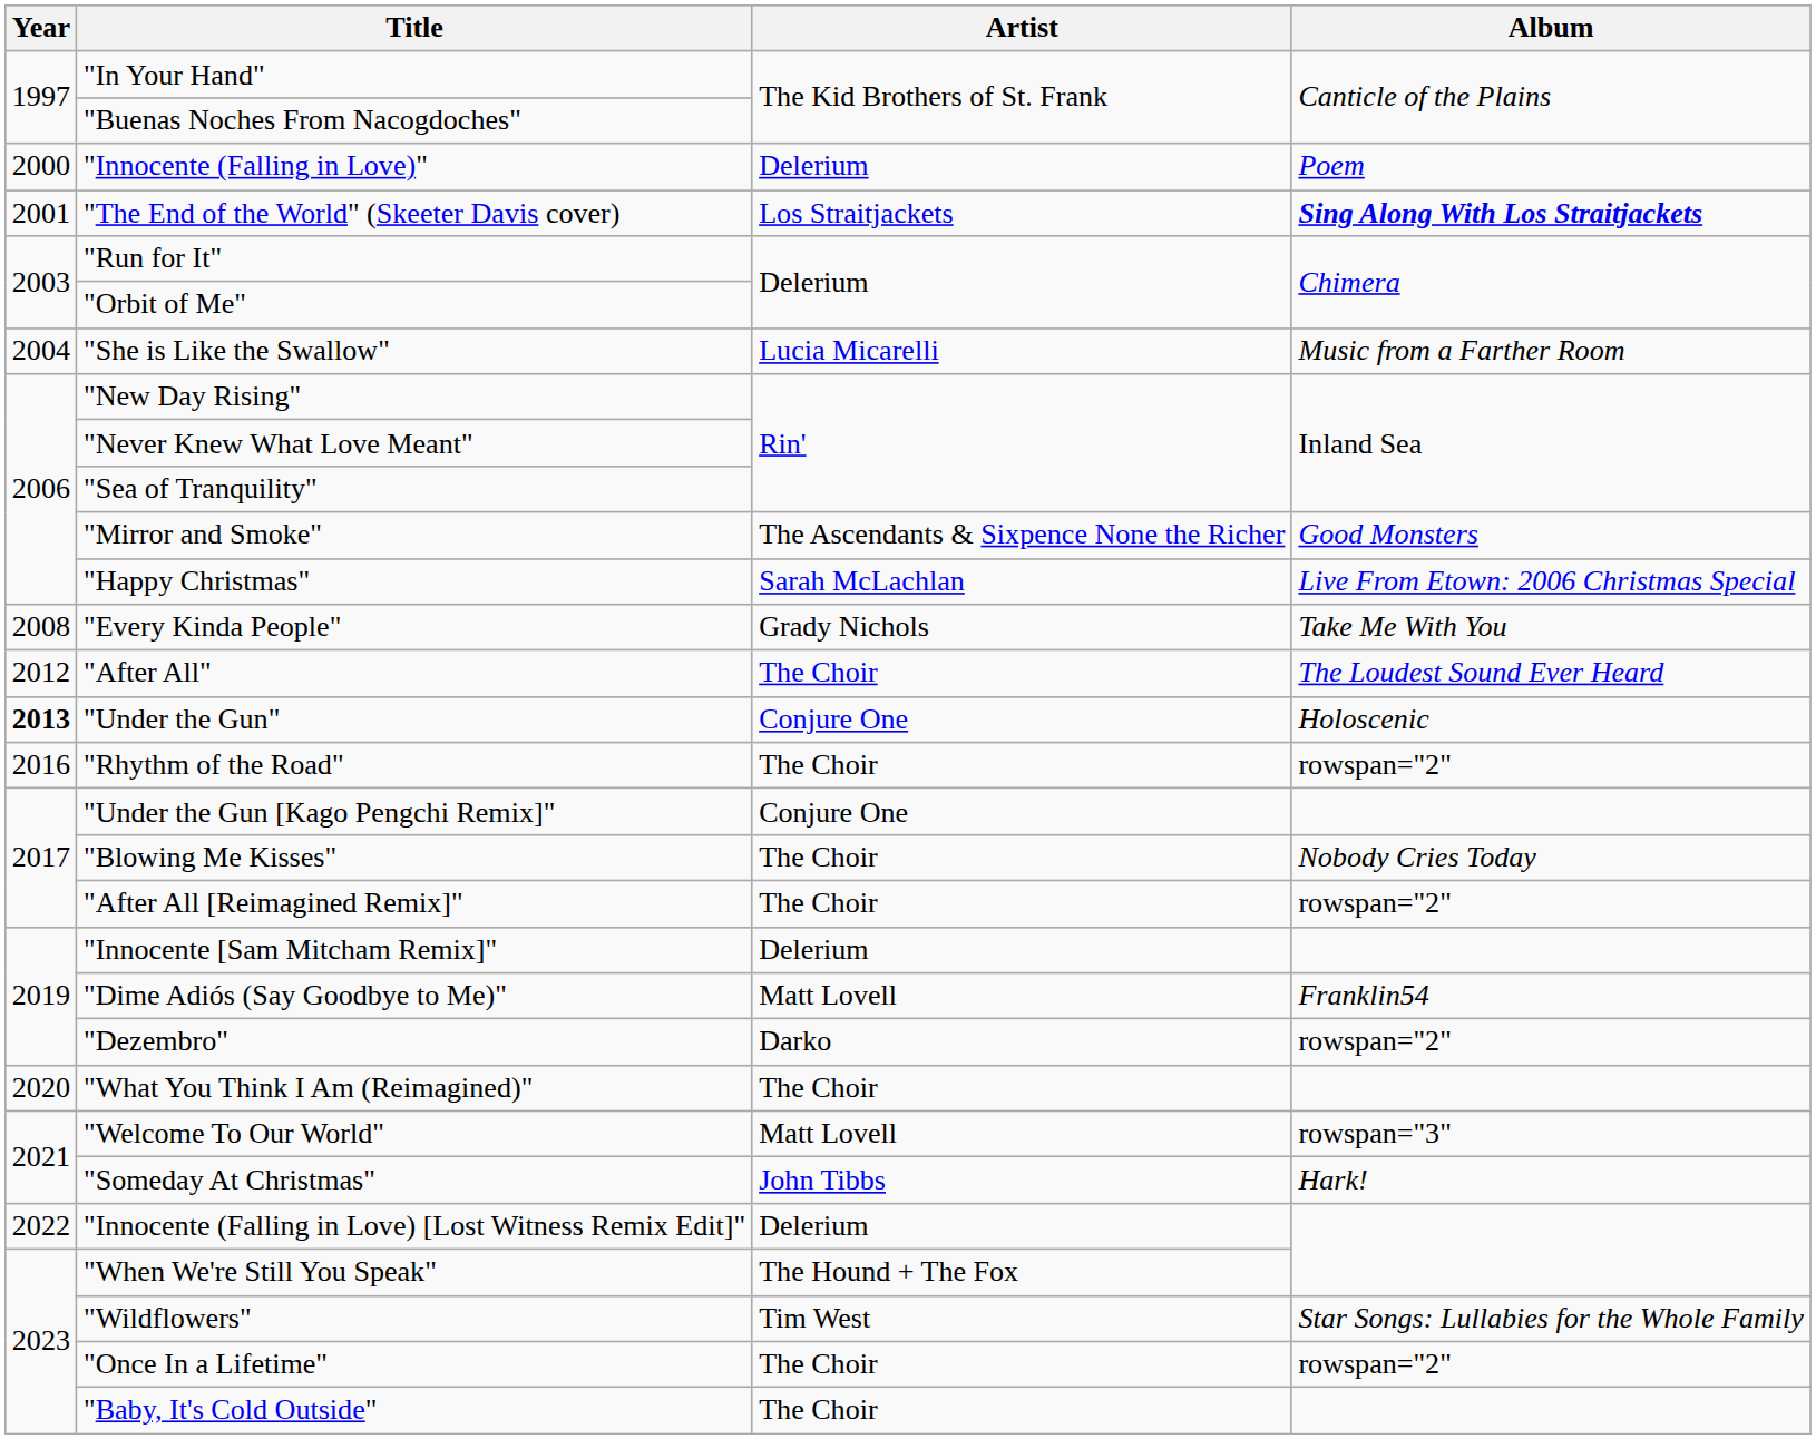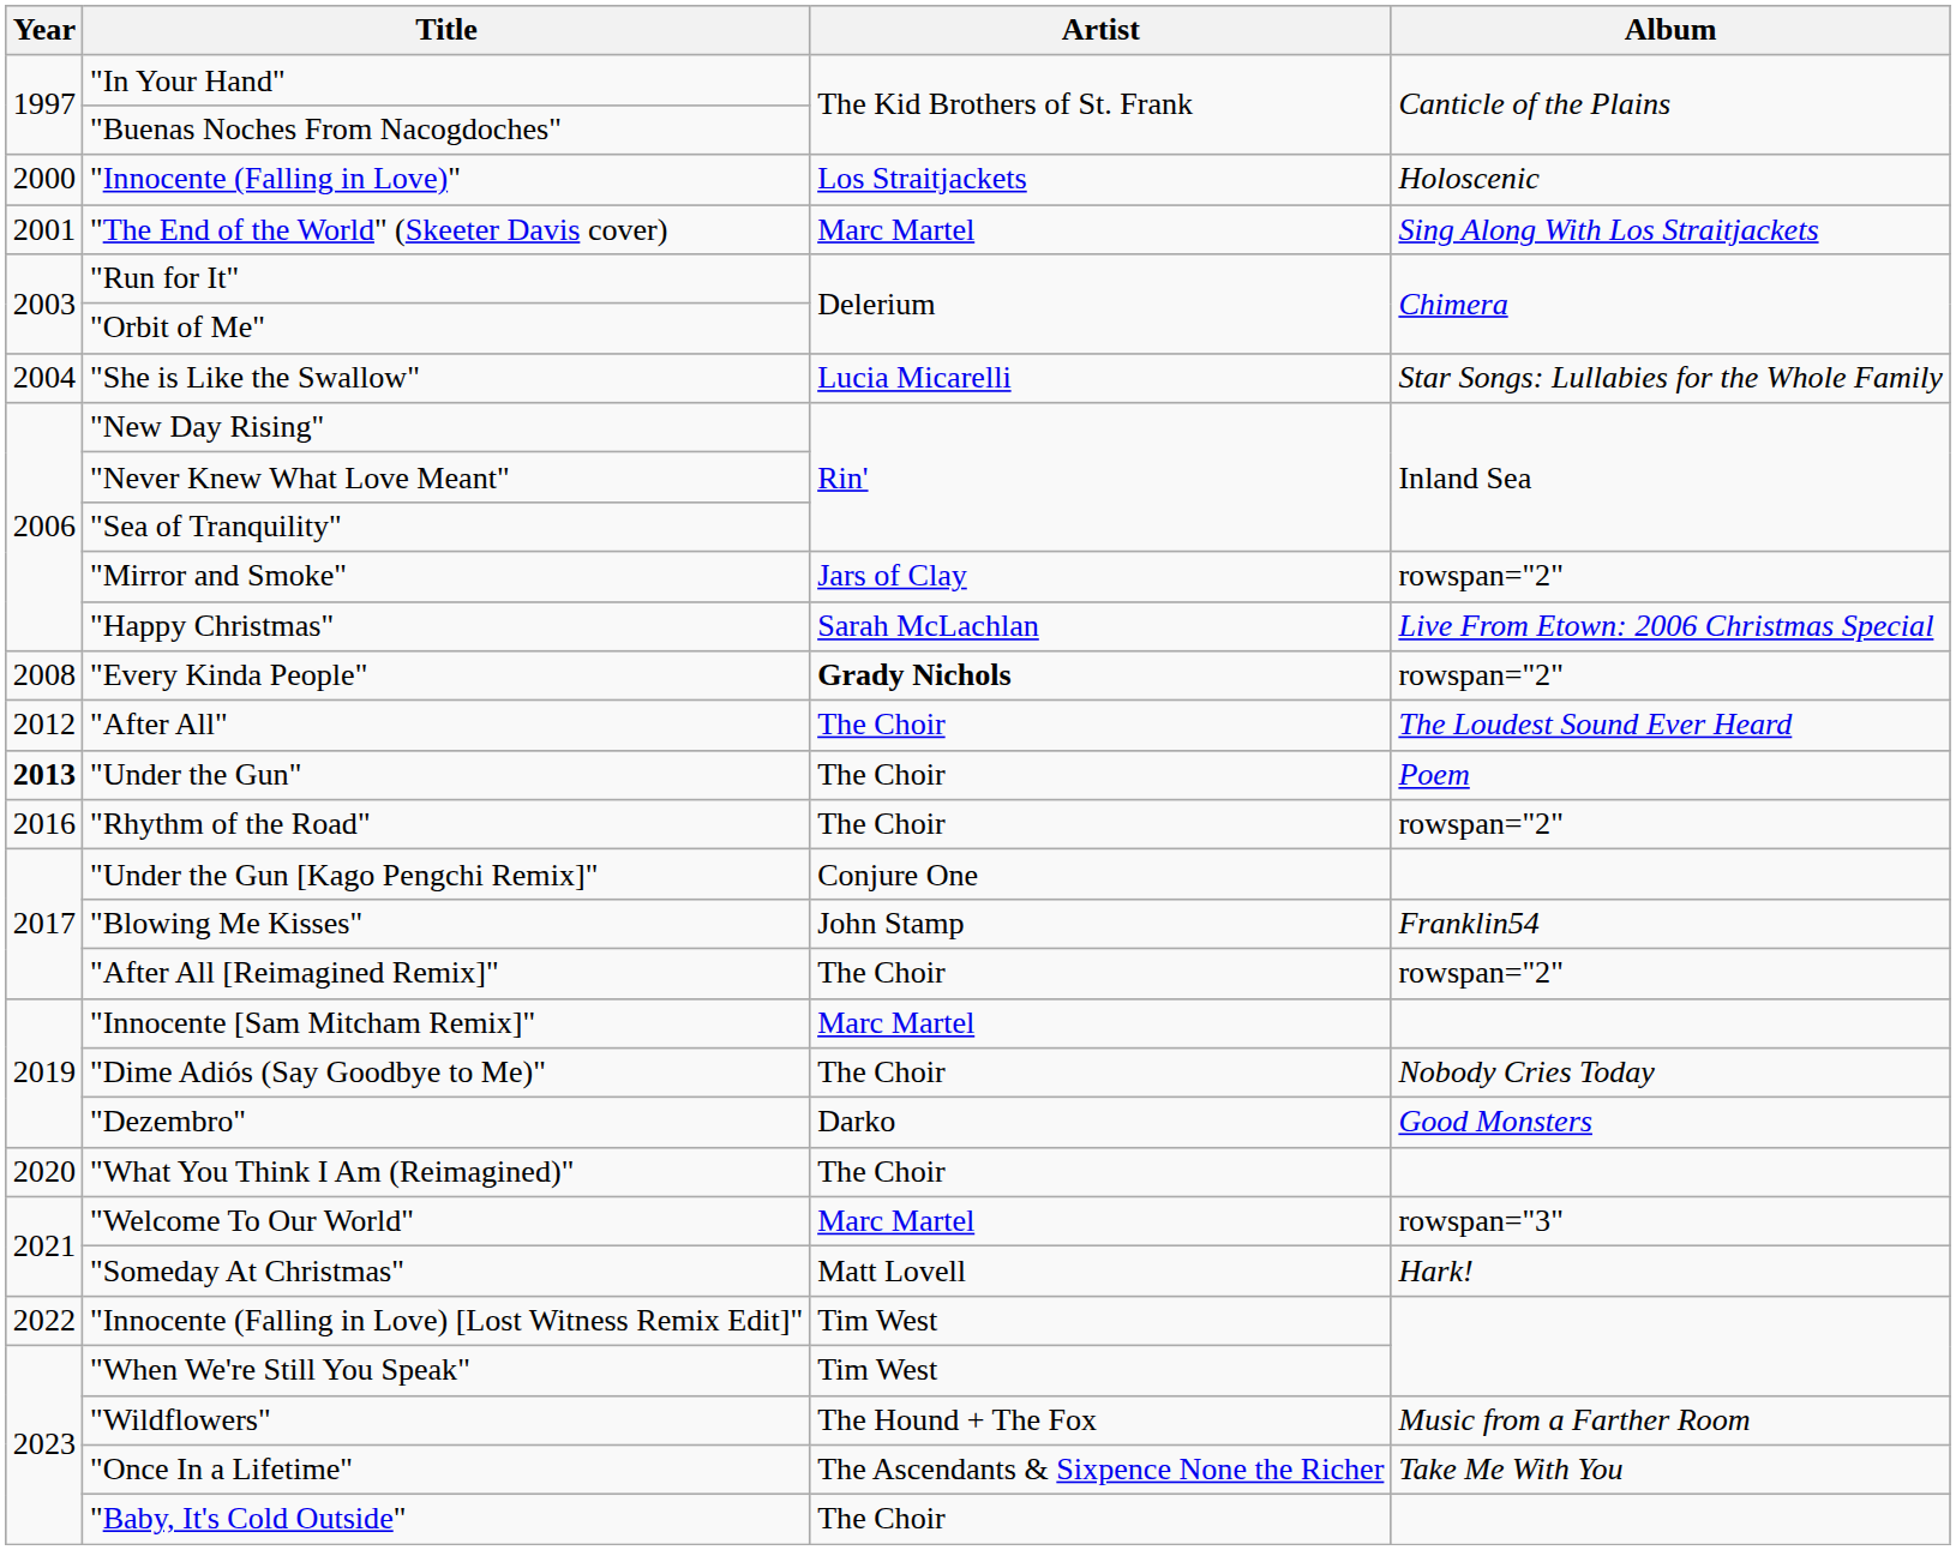 <table class="wikitable">
 <tr>
 <th>Year</th>
 <th>Title</th>
 <th>Artist</th>
 <th>Album</th>
 </tr>
 <tr>
 <td rowspan="2">1997</td>
 <td>"In Your Hand"</td>
 <td rowspan="2">The Kid Brothers of St. Frank</td>
 <td rowspan="2"><em>Canticle of the Plains</em></td>
 </tr>
 <tr>
 <td>"Buenas Noches From Nacogdoches"</td>
 </tr>
 <tr>
 <td>2000</td>
 <td>"<a href='#'>Innocente (Falling in Love)</a>"</td>
-<td><a href='#'>Delerium</a></td>
-<td><em><a href='#'>Poem</a></em></td>
+<td><a href='#'>Los Straitjackets</a></td>
+<td><em>Holoscenic</em></td>
 </tr>
 <tr>
 <td>2001</td>
 <td>"<a href='#'>The End of the World</a>" (<a href='#'>Skeeter Davis</a> cover)</td>
-<td><a href='#'>Los Straitjackets</a></td>
-<td><strong><em><a href='#'>Sing Along With Los Straitjackets</a></em></strong></td>
+<td><a href='#'>Marc Martel</a></td>
+<td><em><a href='#'>Sing Along With Los Straitjackets</a></em></td>
 </tr>
 <tr>
 <td rowspan="2">2003</td>
 <td>"Run for It"</td>
 <td rowspan="2">Delerium</td>
 <td rowspan="2"><em><a href='#'>Chimera</a></em></td>
 </tr>
 <tr>
 <td>"Orbit of Me"</td>
 </tr>
 <tr>
 <td>2004</td>
 <td>"She is Like the Swallow"</td>
 <td><a href='#'>Lucia Micarelli</a></td>
-<td><em>Music from a Farther Room</em></td>
+<td><em>Star Songs: Lullabies for the Whole Family </em></td>
 </tr>
 <tr>
 <td rowspan="5">2006</td>
 <td>"New Day Rising"</td>
 <td rowspan="3"><a href='#'>Rin'</a></td>
 <td rowspan="3">Inland Sea</td>
 </tr>
 <tr>
 <td>"Never Knew What Love Meant"</td>
 </tr>
 <tr>
 <td>"Sea of Tranquility"</td>
 </tr>
 <tr>
 <td>"Mirror and Smoke"</td>
-<td>The Ascendants  & <a href='#'>Sixpence None the Richer</a></td>
-<td><em><a href='#'>Good Monsters</a></em></td>
+<td><a href='#'>Jars of Clay</a></td>
+<td>rowspan="2" </td>
 </tr>
 <tr>
 <td>"Happy Christmas"</td>
 <td><a href='#'>Sarah McLachlan</a></td>
 <td><em><a href='#'>Live From Etown: 2006 Christmas Special</a></em></td>
 </tr>
 <tr>
 <td>2008</td>
 <td>"Every Kinda People"</td>
-<td>Grady Nichols</td>
-<td><em>Take Me With You</em></td>
+<td><strong>Grady Nichols</strong></td>
+<td>rowspan="2" </td>
 </tr>
 <tr>
 <td>2012</td>
 <td>"After All"</td>
 <td><a href='#'>The Choir</a></td>
 <td><em><a href='#'>The Loudest Sound Ever Heard</a></em></td>
 </tr>
 <tr>
 <td><strong>2013</strong></td>
 <td>"Under the Gun"</td>
-<td><a href='#'>Conjure One</a></td>
-<td><em>Holoscenic</em></td>
+<td>The Choir</td>
+<td><em><a href='#'>Poem</a></em></td>
 </tr>
 <tr>
 <td>2016</td>
 <td>"Rhythm of the Road"</td>
 <td>The Choir</td>
 <td>rowspan="2" </td>
 </tr>
 <tr>
 <td rowspan="3">2017</td>
 <td>"Under the Gun [Kago Pengchi Remix]"</td>
 <td>Conjure One</td>
 </tr>
 <tr>
 <td>"Blowing Me Kisses"</td>
-<td>The Choir</td>
-<td><em>Nobody Cries Today</em></td>
+<td>John Stamp</td>
+<td><em>Franklin54</em></td>
 </tr>
 <tr>
 <td>"After All [Reimagined Remix]"</td>
 <td>The Choir</td>
 <td>rowspan="2" </td>
 </tr>
 <tr>
 <td rowspan="3">2019</td>
 <td>"Innocente [Sam Mitcham Remix]"</td>
-<td>Delerium</td>
+<td><a href='#'>Marc Martel</a></td>
 </tr>
 <tr>
 <td>"Dime Adiós (Say Goodbye to Me)"</td>
-<td>Matt Lovell</td>
-<td><em>Franklin54</em></td>
+<td>The Choir</td>
+<td><em>Nobody Cries Today</em></td>
 </tr>
 <tr>
 <td>"Dezembro"</td>
 <td>Darko</td>
-<td>rowspan="2" </td>
+<td><em><a href='#'>Good Monsters</a></em></td>
 </tr>
 <tr>
 <td>2020</td>
 <td>"What You Think I Am (Reimagined)"</td>
 <td>The Choir</td>
 </tr>
 <tr>
 <td rowspan="2">2021</td>
 <td>"Welcome To Our World"</td>
-<td>Matt Lovell</td>
+<td><a href='#'>Marc Martel</a></td>
 <td>rowspan="3" </td>
 </tr>
 <tr>
 <td>"Someday At Christmas"</td>
-<td><a href='#'>John Tibbs</a></td>
+<td>Matt Lovell</td>
 <td><em>Hark!</em></td>
 </tr>
 <tr>
 <td>2022</td>
 <td>"Innocente (Falling in Love) [Lost Witness Remix Edit]"</td>
-<td>Delerium</td>
+<td>Tim West</td>
 </tr>
 <tr>
 <td rowspan="4">2023</td>
 <td>"When We're Still You Speak"</td>
-<td>The Hound + The Fox</td>
+<td>Tim West</td>
 </tr>
 <tr>
 <td>"Wildflowers"</td>
-<td>Tim West</td>
-<td><em>Star Songs: Lullabies for the Whole Family </em></td>
+<td>The Hound + The Fox</td>
+<td><em>Music from a Farther Room</em></td>
 </tr>
 <tr>
 <td>"Once In a Lifetime"</td>
-<td>The Choir</td>
-<td>rowspan="2" </td>
+<td>The Ascendants  & <a href='#'>Sixpence None the Richer</a></td>
+<td><em>Take Me With You</em></td>
 </tr>
 <tr>
 <td>"<a href='#'>Baby, It's Cold Outside</a>"</td>
 <td>The Choir</td>
 </tr>
 <tr>
 </tr>
 </table>
